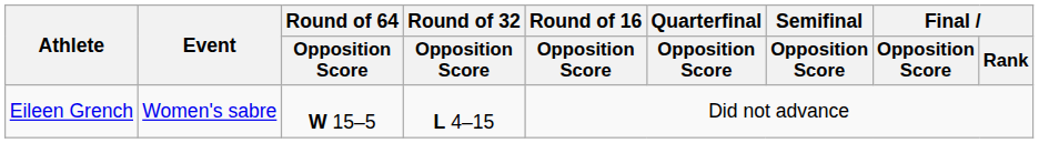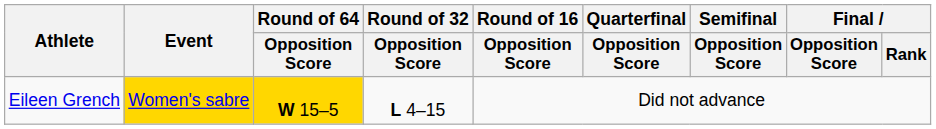 <table class="wikitable" style="font-size:90%">
 <tr>
 <th rowspan=2>Athlete</th>
 <th rowspan=2>Event</th>
 <th>Round of 64</th>
 <th>Round of 32</th>
 <th>Round of 16</th>
 <th>Quarterfinal</th>
 <th>Semifinal</th>
 <th colspan=2>Final / </th>
 </tr>
 <tr style="font-size:95%">
 <th>Opposition<br>Score</th>
 <th>Opposition<br>Score</th>
 <th>Opposition<br>Score</th>
 <th>Opposition<br>Score</th>
 <th>Opposition<br>Score</th>
 <th>Opposition<br>Score</th>
 <th>Rank</th>
 </tr>
 <tr align=center>
 <td align=left><a href='#'>Eileen Grench</a></td>
-<td align=left><a href='#'>Women's sabre</a></td>
-<td><br><strong>W</strong> 15–5</td>
+<td align=left style="background: gold;"><a href='#'>Women's sabre</a></td>
+<td style="background: gold;"><br><strong>W</strong> 15–5</td>
 <td><br><strong>L</strong> 4–15</td>
 <td colspan=5>Did not advance</td>
 </tr>
 </table>
